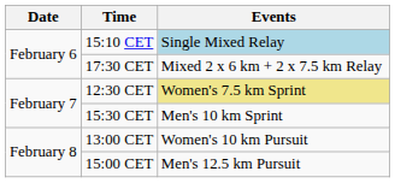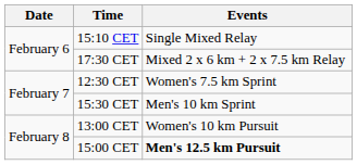 <table class="wikitable" style="text-align: center" width="400">
 <tr>
 <th>Date</th>
 <th>Time</th>
 <th>Events</th>
 </tr>
 <tr>
 <td rowspan=2>February 6</td>
 <td>15:10 <a href='#'>CET</a></td>
-<td style="background: lightblue; text-align: left">Single Mixed Relay</td>
+<td style="text-align: left">Single Mixed Relay</td>
 </tr>
 <tr>
 <td>17:30 CET</td>
 <td style="text-align: left">Mixed 2 x 6 km + 2 x 7.5 km Relay</td>
 </tr>
 <tr>
 <td rowspan=2>February 7</td>
 <td>12:30 CET</td>
-<td style="background: khaki; text-align: left">Women's 7.5 km Sprint</td>
+<td style="text-align: left">Women's 7.5 km Sprint</td>
 </tr>
 <tr>
 <td>15:30 CET</td>
 <td style="text-align: left">Men's 10 km Sprint</td>
 </tr>
 <tr>
 <td rowspan=2>February 8</td>
 <td>13:00 CET</td>
 <td style="text-align: left">Women's 10 km Pursuit</td>
 </tr>
 <tr>
 <td>15:00 CET</td>
-<td style="text-align: left">Men's 12.5 km Pursuit</td>
+<td style="text-align: left"><strong>Men's 12.5 km Pursuit</strong></td>
 </tr>
 </table>
